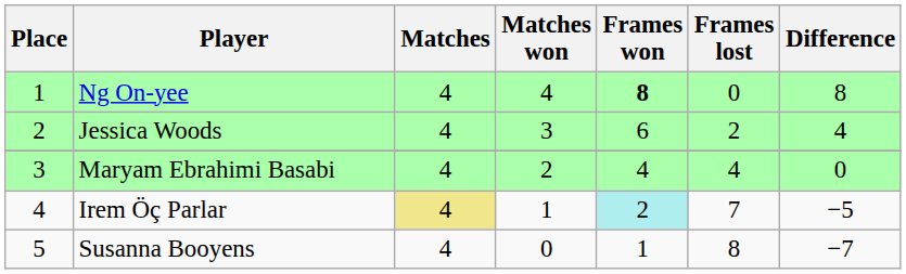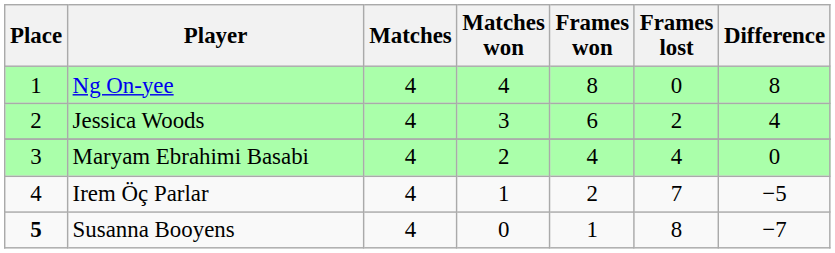 <table class="wikitable" style="text-align: center;">
 <tr>
 <th width=20>Place</th>
 <th width=200>Player</th>
 <th width=20>Matches</th>
 <th width=20>Matches won</th>
 <th width=20>Frames won</th>
 <th width=20>Frames lost</th>
 <th width=20>Difference</th>
 </tr>
 <tr style="background:#aaffaa;">
 <td>1</td>
 <td style="text-align:left;"> <a href='#'>Ng On-yee</a></td>
 <td>4</td>
 <td>4</td>
-<td><strong>8</strong></td>
+<td>8</td>
 <td>0</td>
 <td>8</td>
 </tr>
 <tr style="background:#aaffaa;">
 <td>2</td>
 <td style="text-align:left;"> Jessica Woods</td>
 <td>4</td>
 <td>3</td>
 <td>6</td>
 <td>2</td>
 <td>4</td>
 </tr>
 <tr>
 </tr>
 <tr style="background:#aaffaa;">
 <td>3</td>
 <td style="text-align:left;"> Maryam Ebrahimi Basabi</td>
 <td>4</td>
 <td>2</td>
 <td>4</td>
 <td>4</td>
 <td>0</td>
 </tr>
 <tr>
 <td>4</td>
 <td style="text-align:left;"> Irem Öç Parlar</td>
-<td style="background: khaki;">4</td>
+<td>4</td>
 <td>1</td>
-<td style="background: paleturquoise;">2</td>
+<td>2</td>
 <td>7</td>
 <td>−5</td>
 </tr>
 <tr>
-<td>5</td>
+<td><strong>5</strong></td>
 <td style="text-align:left;"> Susanna Booyens</td>
 <td>4</td>
 <td>0</td>
 <td>1</td>
 <td>8</td>
 <td>−7</td>
 </tr>
 </table>
